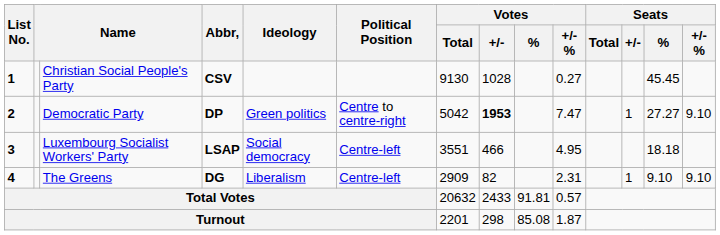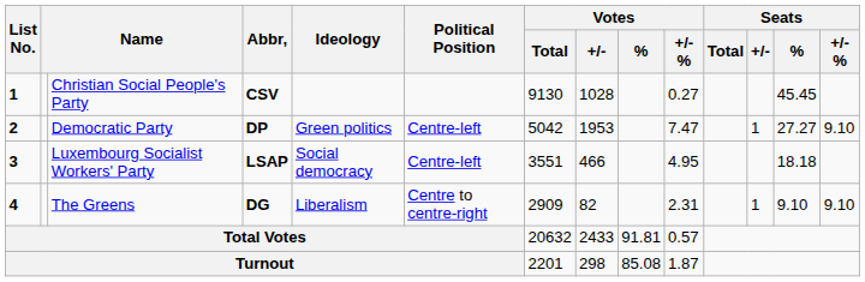 <table class="wikitable">
 <tr>
 <th rowspan="2">List<br>No.</th>
 <th colspan="2" rowspan="2">Name</th>
 <th rowspan="2">Abbr,</th>
 <th rowspan="2">Ideology</th>
 <th rowspan="2">Political Position</th>
 <th colspan="4">Votes</th>
 <th colspan="4">Seats</th>
 </tr>
 <tr>
 <th>Total</th>
 <th>+/-</th>
 <th>%</th>
 <th>+/-%</th>
 <th>Total</th>
 <th>+/-</th>
 <th>%</th>
 <th>+/-%</th>
 </tr>
 <tr>
 <td><strong>1</strong></td>
 <td></td>
 <td><a href='#'>Christian Social People's Party</a><br></td>
 <td><strong>CSV</strong></td>
 <td></td>
 <td></td>
 <td>9130</td>
 <td>1028</td>
 <td></td>
 <td>0.27</td>
 <td></td>
 <td></td>
 <td>45.45</td>
 <td></td>
 </tr>
 <tr>
 <td><strong>2</strong></td>
 <td></td>
 <td><a href='#'>Democratic Party</a><br></td>
 <td><strong>DP</strong></td>
 <td><a href='#'>Green politics</a></td>
-<td><a href='#'>Centre</a> to <a href='#'>centre-right</a></td>
+<td><a href='#'>Centre-left</a></td>
 <td>5042</td>
-<td><strong>1953</strong></td>
+<td>1953</td>
 <td></td>
 <td>7.47</td>
 <td></td>
 <td>1</td>
 <td>27.27</td>
 <td>9.10</td>
 </tr>
 <tr>
 <td><strong>3</strong></td>
 <td></td>
 <td><a href='#'>Luxembourg Socialist Workers' Party</a><br></td>
 <td><strong>LSAP</strong></td>
 <td><a href='#'>Social democracy</a></td>
 <td><a href='#'>Centre-left</a></td>
 <td>3551</td>
 <td>466</td>
 <td></td>
 <td>4.95</td>
 <td></td>
 <td></td>
 <td>18.18</td>
 <td></td>
 </tr>
 <tr>
 <td><strong>4</strong></td>
 <td></td>
 <td><a href='#'>The Greens</a><br></td>
 <td><strong>DG</strong></td>
 <td><a href='#'>Liberalism</a></td>
-<td><a href='#'>Centre-left</a></td>
+<td><a href='#'>Centre</a> to <a href='#'>centre-right</a></td>
 <td>2909</td>
 <td>82</td>
 <td></td>
 <td>2.31</td>
 <td></td>
 <td>1</td>
 <td>9.10</td>
 <td>9.10</td>
 </tr>
 <tr>
 <th colspan="6">Total Votes</th>
 <td>20632</td>
 <td>2433</td>
 <td>91.81</td>
 <td>0.57</td>
 <td colspan="4"></td>
 </tr>
 <tr>
 <th colspan="6">Turnout</th>
 <td>2201</td>
 <td>298</td>
 <td>85.08</td>
 <td>1.87</td>
 <td colspan="4"></td>
 </tr>
 </table>
